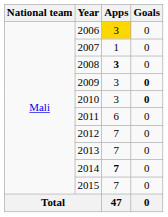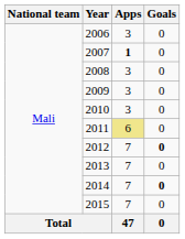 <table class="wikitable" style="text-align:center">
 <tr>
 <th>National team</th>
 <th>Year</th>
 <th>Apps</th>
 <th>Goals</th>
 </tr>
 <tr>
 <td rowspan="10"><a href='#'>Mali</a></td>
 <td>2006</td>
-<td style="background: gold;">3</td>
+<td>3</td>
 <td>0</td>
 </tr>
 <tr>
 <td>2007</td>
-<td>1</td>
+<td><strong>1</strong></td>
 <td>0</td>
 </tr>
 <tr>
 <td>2008</td>
-<td><strong>3</strong></td>
+<td>3</td>
 <td>0</td>
 </tr>
 <tr>
 <td>2009</td>
 <td>3</td>
-<td><strong>0</strong></td>
+<td>0</td>
 </tr>
 <tr>
 <td>2010</td>
 <td>3</td>
-<td><strong>0</strong></td>
+<td>0</td>
 </tr>
 <tr>
 <td>2011</td>
-<td>6</td>
+<td style="background: khaki;">6</td>
 <td>0</td>
 </tr>
 <tr>
 <td>2012</td>
 <td>7</td>
-<td>0</td>
+<td><strong>0</strong></td>
 </tr>
 <tr>
 <td>2013</td>
 <td>7</td>
 <td>0</td>
 </tr>
 <tr>
 <td>2014</td>
-<td><strong>7</strong></td>
-<td>0</td>
+<td>7</td>
+<td><strong>0</strong></td>
 </tr>
 <tr>
 <td>2015</td>
 <td>7</td>
 <td>0</td>
 </tr>
 <tr>
 <th colspan="2">Total</th>
 <th>47</th>
 <th>0</th>
 </tr>
 </table>
